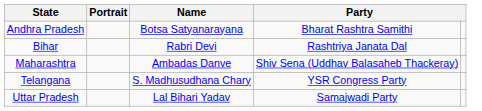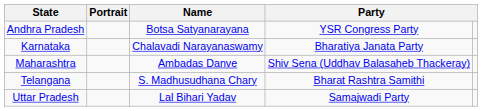 <table class="wikitable" style="text-align:center;">
 <tr>
 <th>State</th>
 <th>Portrait</th>
 <th>Name</th>
 <th colspan="2" scope="col">Party</th>
 </tr>
 <tr>
 <td><a href='#'>Andhra Pradesh</a></td>
 <td></td>
 <td><a href='#'>Botsa Satyanarayana</a></td>
-<td><a href='#'>Bharat Rashtra Samithi</a></td>
+<td><a href='#'>YSR Congress Party</a></td>
 <td style="background-color: "></td>
 </tr>
 <tr>
-<td><a href='#'>Bihar</a></td>
+<td><a href='#'>Karnataka</a></td>
 <td></td>
-<td><a href='#'>Rabri Devi</a></td>
-<td><a href='#'>Rashtriya Janata Dal</a></td>
+<td><a href='#'>Chalavadi Narayanaswamy</a></td>
+<td><a href='#'>Bharatiya Janata Party</a></td>
 <td style="background-color: "></td>
 </tr>
 <tr>
 <td><a href='#'>Maharashtra</a></td>
 <td></td>
 <td><a href='#'>Ambadas Danve</a></td>
 <td><a href='#'>Shiv Sena (Uddhav Balasaheb Thackeray)</a></td>
 <td style="background-color: "></td>
 </tr>
 <tr>
 <td><a href='#'>Telangana</a></td>
 <td></td>
 <td><a href='#'>S. Madhusudhana Chary</a></td>
-<td><a href='#'>YSR Congress Party</a></td>
+<td><a href='#'>Bharat Rashtra Samithi</a></td>
 <td style="background-color: "></td>
 </tr>
 <tr>
 <td><a href='#'>Uttar Pradesh</a></td>
 <td></td>
 <td><a href='#'>Lal Bihari Yadav</a></td>
 <td><a href='#'>Samajwadi Party</a></td>
 <td style="background-color: "></td>
 </tr>
 </table>
